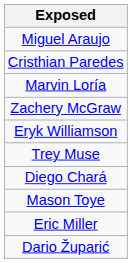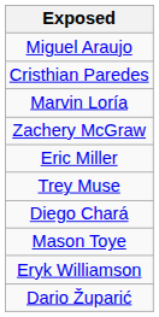 <table class="wikitable" style="text-align:center">
 <tr>
 <th>Exposed</th>
 </tr>
 <tr>
 <td><a href='#'>Miguel Araujo</a></td>
 </tr>
 <tr>
 <td><a href='#'>Cristhian Paredes</a></td>
 </tr>
 <tr>
 <td><a href='#'>Marvin Loría</a></td>
 </tr>
 <tr>
 <td><a href='#'>Zachery McGraw</a></td>
 </tr>
 <tr>
-<td><a href='#'>Eryk Williamson</a></td>
+<td><a href='#'>Eric Miller</a></td>
 </tr>
 <tr>
 <td><a href='#'>Trey Muse</a></td>
 </tr>
 <tr>
 <td><a href='#'>Diego Chará</a></td>
 </tr>
 <tr>
 <td><a href='#'>Mason Toye</a></td>
 </tr>
 <tr>
-<td><a href='#'>Eric Miller</a></td>
+<td><a href='#'>Eryk Williamson</a></td>
 </tr>
 <tr>
 <td><a href='#'>Dario Župarić</a></td>
 </tr>
 </table>
